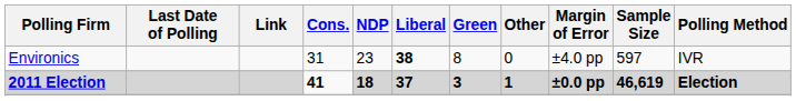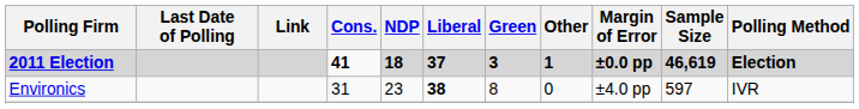 <table class="wikitable sortable">
 <tr style="background:#e9e9e9;">
 <th style="width:120px">Polling Firm</th>
 <th style="width:110px">Last Date<br>of Polling</th>
 <th style="width:60px" class="unsortable">Link</th>
 <th style="background-color:"><strong><a href='#'>Cons.</a></strong></th>
 <th style="background-color:"><strong><a href='#'>NDP</a></strong></th>
 <th style="background-color:"><strong><a href='#'>Liberal</a></strong></th>
 <th style="background-color:"><strong><a href='#'>Green</a></strong></th>
 <th style="background-color:"><strong>Other</strong></th>
 <th style="width:60px;" class=unsortable>Margin<br>of Error</th>
 <th style="width:50px;" class=unsortable>Sample<br>Size</th>
 <th class=unsortable>Polling Method</th>
 </tr>
 <tr>
+<td style="background:#D5D5D5"><strong><a href='#'>2011 Election</a></strong></td>
+<td style="background:#D5D5D5"><strong></strong></td>
+<td style="background:#D5D5D5"></td>
+<td><strong>41</strong></td>
+<td style="background:#D5D5D5"><strong>18</strong></td>
+<td style="background:#D5D5D5"><strong>37</strong></td>
+<td style="background:#D5D5D5"><strong>3</strong></td>
+<td style="background:#D5D5D5"><strong>1</strong></td>
+<td style="background:#D5D5D5"><strong>±0.0 pp</strong></td>
+<td style="background:#D5D5D5"><strong>46,619</strong></td>
+<td style="background:#D5D5D5"><strong>Election</strong></td>
+</tr>
+<tr>
 <td><a href='#'>Environics</a></td>
 <td></td>
 <td></td>
 <td>31</td>
 <td>23</td>
 <td><strong>38</strong></td>
 <td>8</td>
 <td>0</td>
 <td>±4.0 pp</td>
 <td>597</td>
 <td>IVR</td>
 </tr>
 <tr>
-<td style="background:#D5D5D5"><strong><a href='#'>2011 Election</a></strong></td>
-<td style="background:#D5D5D5"><strong></strong></td>
-<td style="background:#D5D5D5"></td>
-<td><strong>41</strong></td>
-<td style="background:#D5D5D5"><strong>18</strong></td>
-<td style="background:#D5D5D5"><strong>37</strong></td>
-<td style="background:#D5D5D5"><strong>3</strong></td>
-<td style="background:#D5D5D5"><strong>1</strong></td>
-<td style="background:#D5D5D5"><strong>±0.0 pp</strong></td>
-<td style="background:#D5D5D5"><strong>46,619</strong></td>
-<td style="background:#D5D5D5"><strong>Election</strong></td>
-</tr>
-<tr>
 </tr>
 <tr>
 </tr>
 </table>
